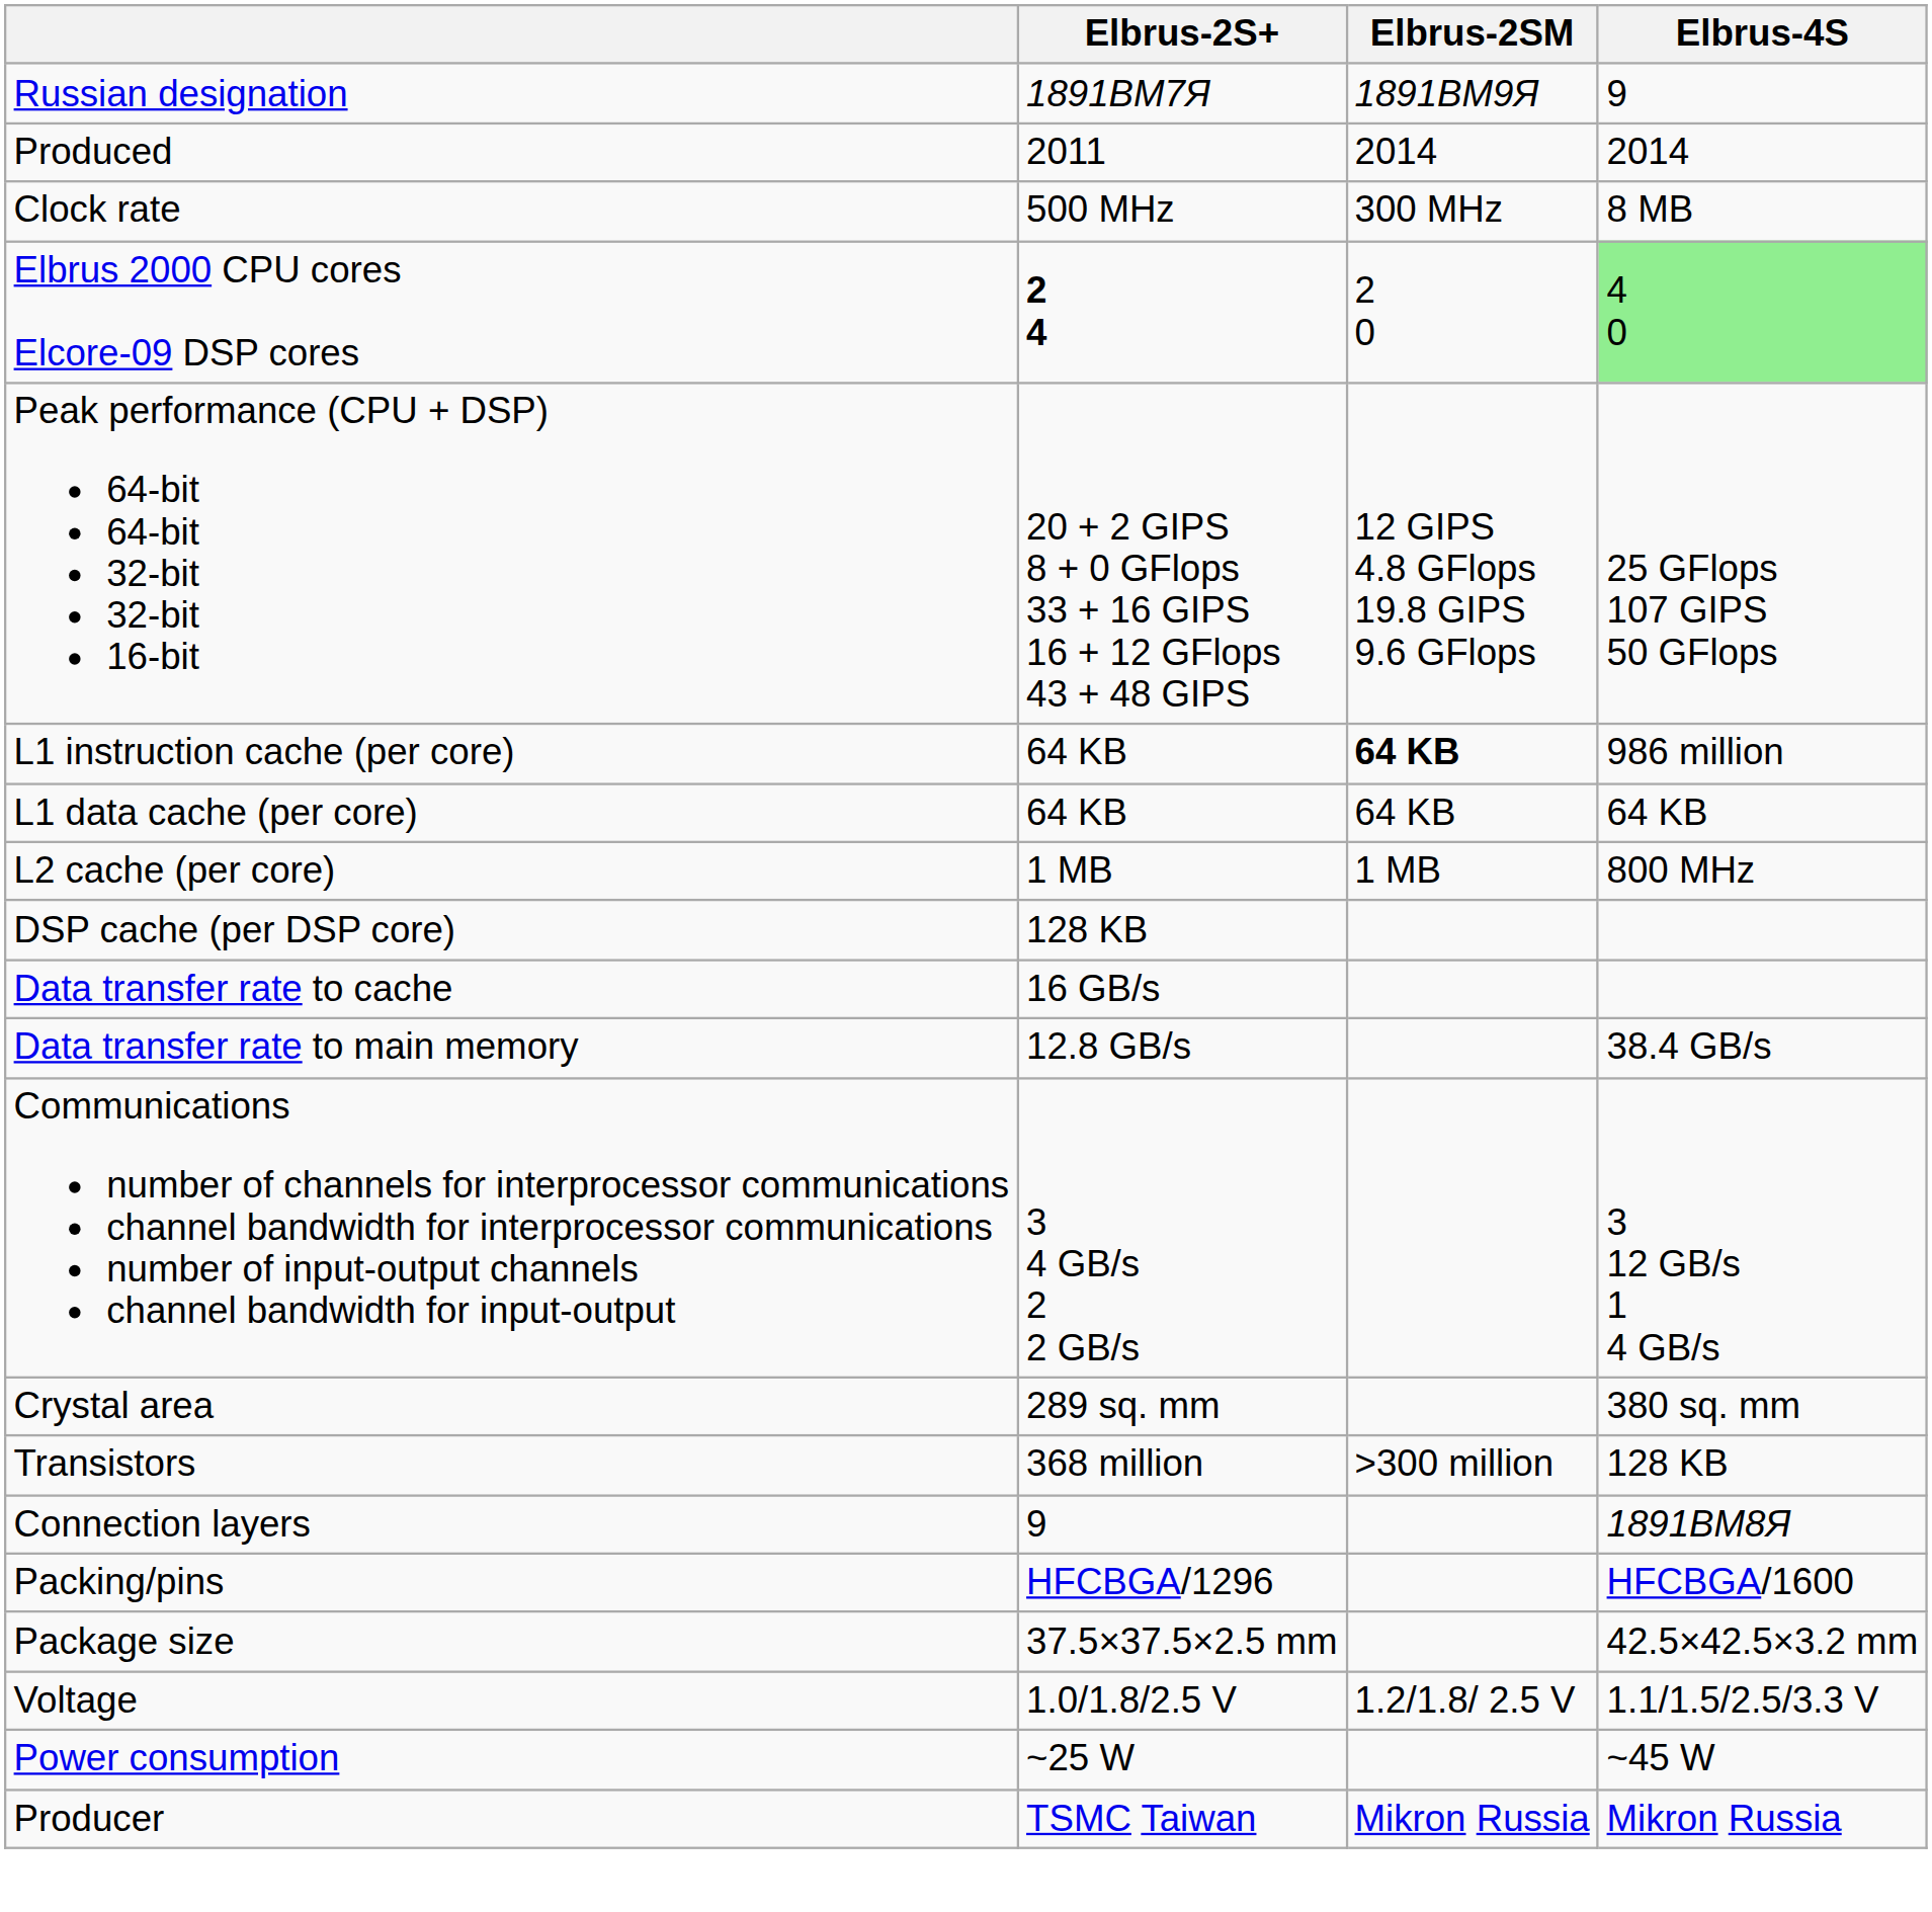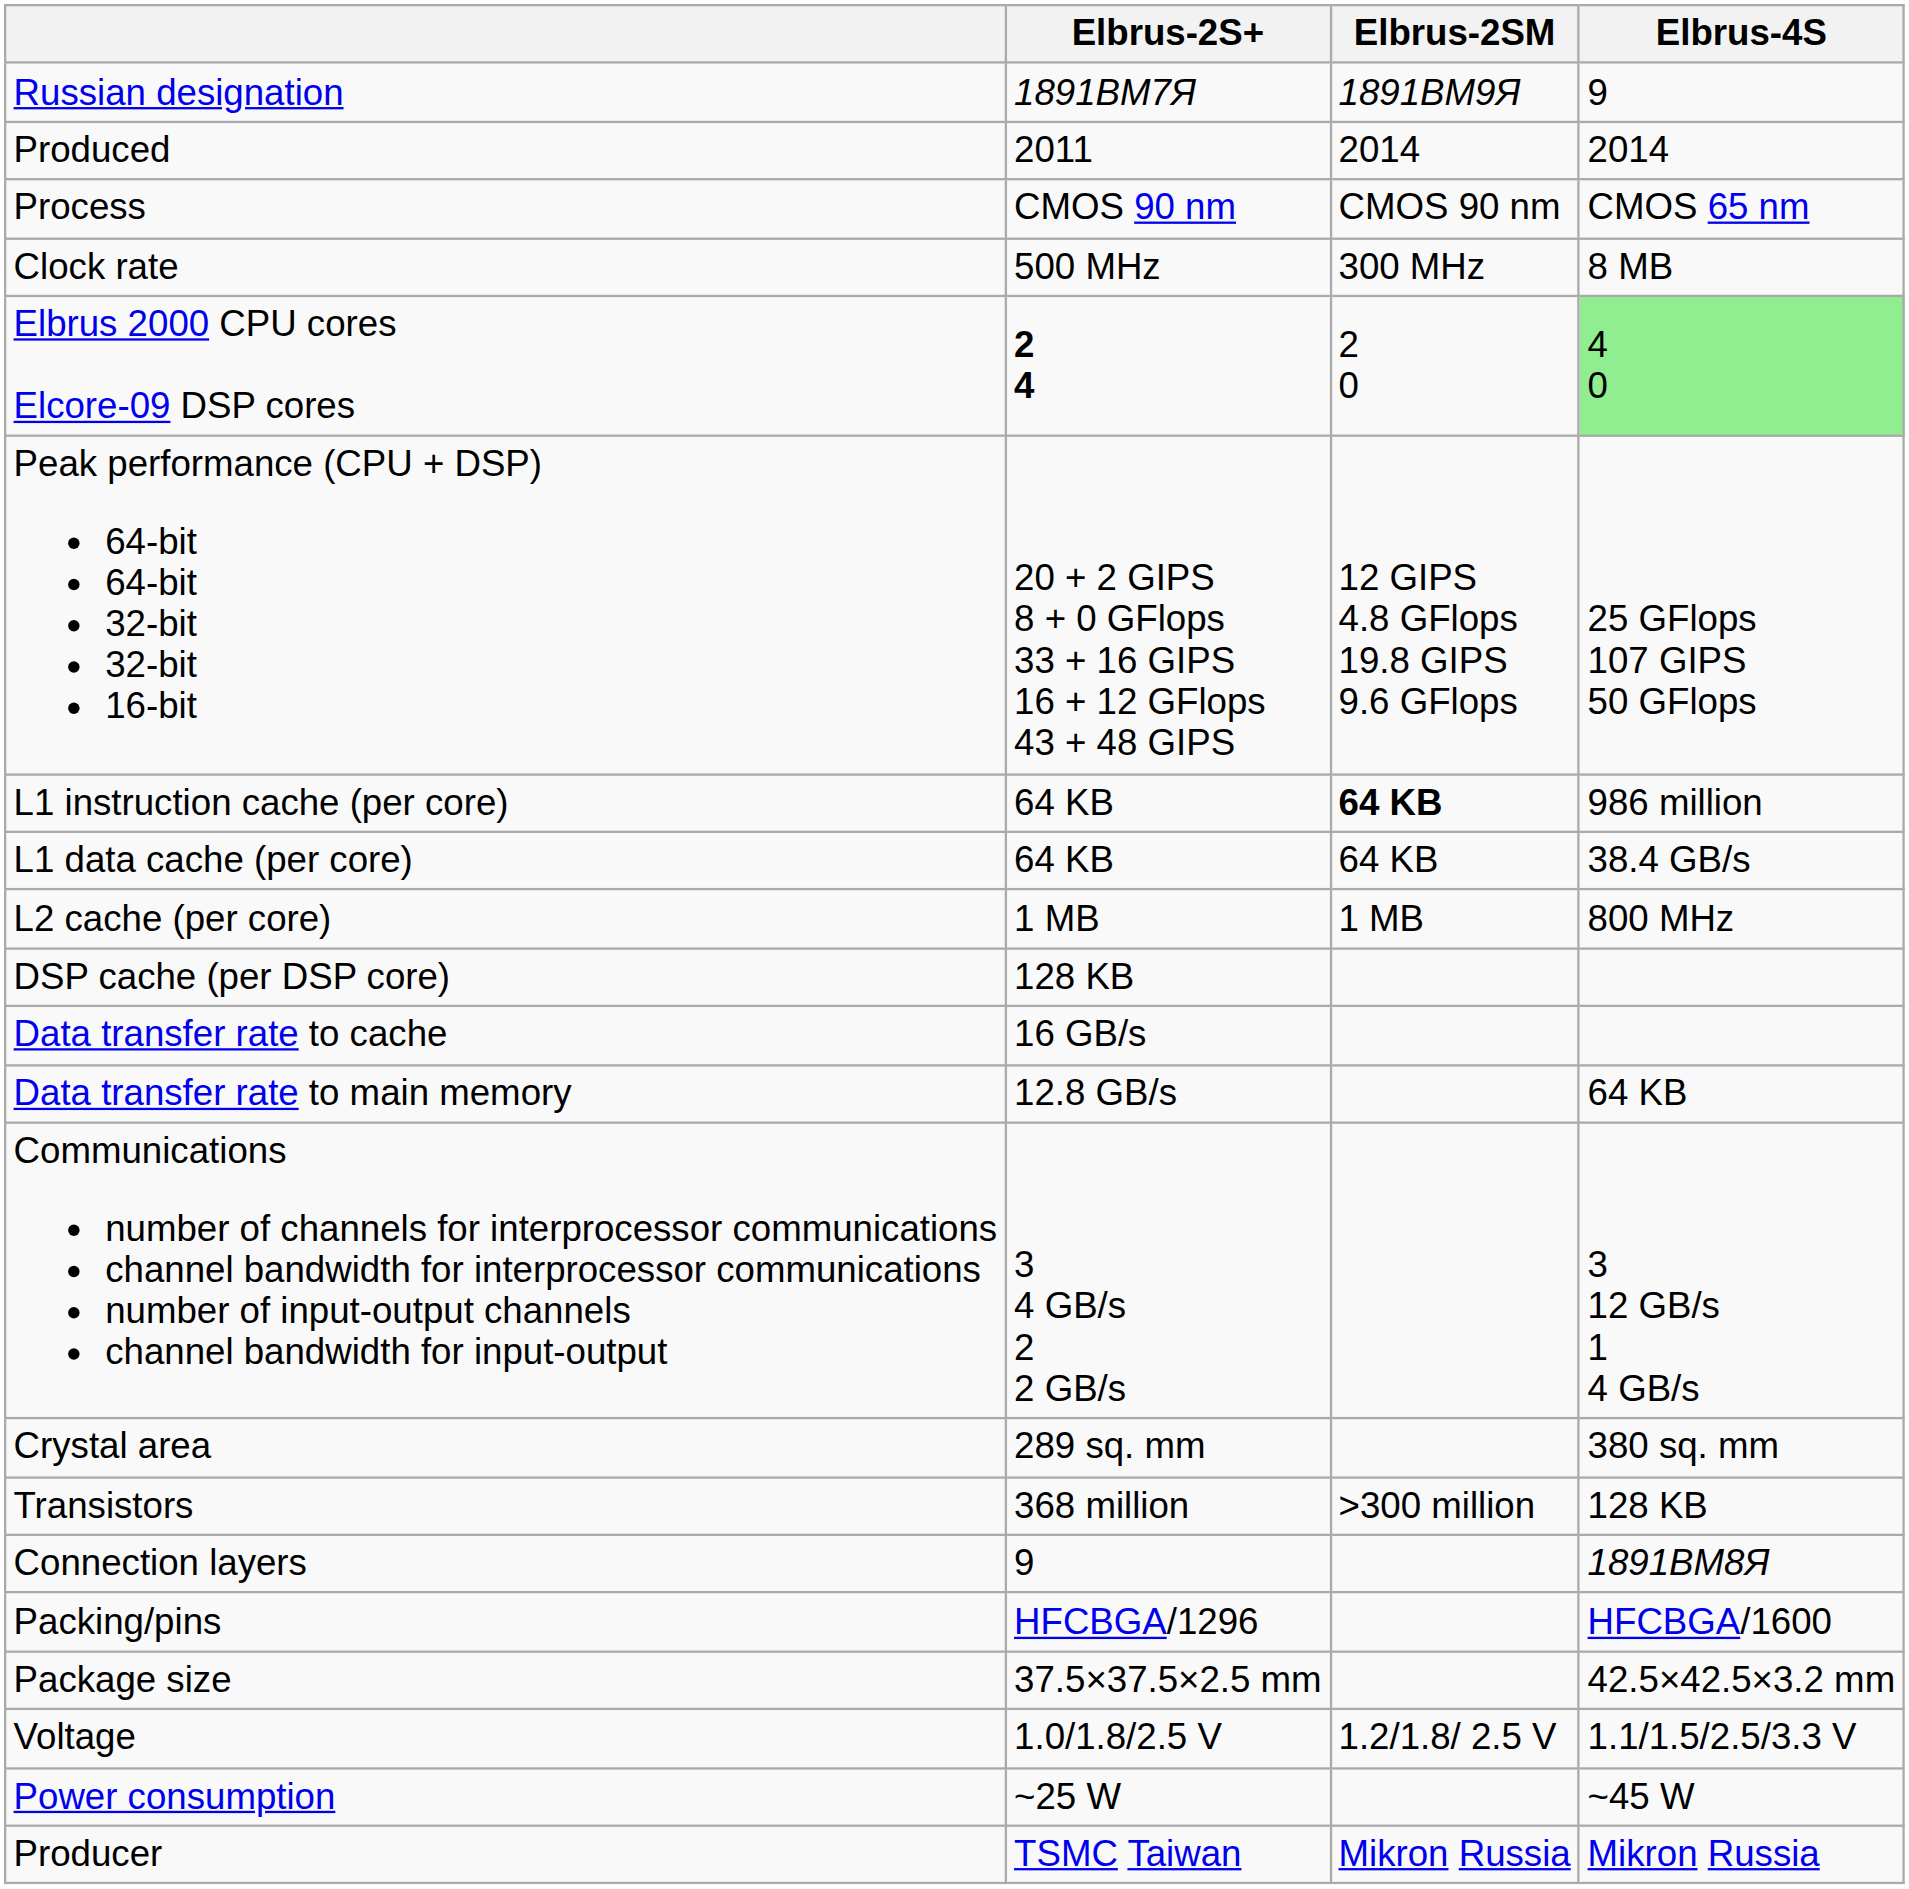 <table class="wikitable">
 <tr>
 <th></th>
 <th>Elbrus-2S+</th>
 <th>Elbrus-2SМ</th>
 <th>Elbrus-4S</th>
 </tr>
 <tr>
 <td><a href='#'>Russian designation</a></td>
 <td><em>1891ВМ7Я</em></td>
 <td><em>1891ВМ9Я</em></td>
 <td>9</td>
 </tr>
 <tr>
 <td>Produced</td>
 <td>2011</td>
 <td>2014</td>
 <td>2014</td>
+</tr>
+<tr>
+<td>Process</td>
+<td>CMOS <a href='#'>90 nm</a></td>
+<td>CMOS 90 nm</td>
+<td>CMOS <a href='#'>65 nm</a></td>
 </tr>
 <tr>
 <td>Clock rate</td>
 <td>500 MHz</td>
 <td>300 MHz</td>
 <td>8 MB</td>
 </tr>
 <tr>
 <td><a href='#'>Elbrus 2000</a> CPU cores<br><br><a href='#'>Elcore-09</a> DSP cores</td>
 <td><strong>2<br>4</strong></td>
 <td>2<br>0</td>
 <td style="background: lightgreen;">4<br>0</td>
 </tr>
 <tr>
 <td valign="bottom">Peak performance (CPU + DSP)<br><ul><li>64-bit</li><li>64-bit</li><li>32-bit</li><li>32-bit</li><li>16-bit</li></ul></td>
 <td valign="bottom"><br><br>20 + 2 GIPS<br> 8 + 0 GFlops<br> 33 + 16 GIPS<br> 16 + 12 GFlops<br> 43 + 48 GIPS</td>
 <td valign="bottom"><br><br>12 GIPS <br> 4.8 GFlops<br> 19.8 GIPS<br> 9.6 GFlops<br>  </td>
 <td valign="bottom"><br><br><br> 25 GFlops<br> 107 GIPS<br> 50 GFlops<br>  </td>
 </tr>
 <tr>
 <td>L1 instruction cache (per core)</td>
 <td>64 KB</td>
 <td><strong>64 KB</strong></td>
 <td>986 million</td>
 </tr>
 <tr>
 <td>L1 data cache (per core)</td>
 <td>64 KB</td>
 <td>64 KB</td>
-<td>64 KB</td>
+<td>38.4 GB/s</td>
 </tr>
 <tr>
 <td>L2 cache (per core)</td>
 <td>1 MB</td>
 <td>1 MB</td>
 <td>800 MHz</td>
 </tr>
 <tr>
 <td>DSP cache (per DSP core)</td>
 <td>128 KB</td>
 <td></td>
 <td></td>
 </tr>
 <tr>
 <td><a href='#'>Data transfer rate</a> to cache</td>
 <td>16 GB/s</td>
 <td></td>
 <td></td>
 </tr>
 <tr>
 <td><a href='#'>Data transfer rate</a> to main memory</td>
 <td>12.8 GB/s</td>
 <td></td>
-<td>38.4 GB/s</td>
+<td>64 KB</td>
 </tr>
 <tr>
 <td valign="bottom">Communications<br><ul><li>number of channels for interprocessor communications</li><li>channel bandwidth for interprocessor communications</li><li>number of input-output channels</li><li>channel bandwidth for input-output</li></ul></td>
 <td valign="bottom"><br><br>3<br> 4 GB/s<br> 2<br> 2 GB/s</td>
 <td></td>
 <td valign="bottom"><br><br>3<br> 12 GB/s<br> 1<br> 4 GB/s</td>
 </tr>
 <tr>
 <td>Crystal area</td>
 <td>289 sq. mm</td>
 <td></td>
 <td>380 sq. mm</td>
 </tr>
 <tr>
 <td>Transistors</td>
 <td>368 million</td>
 <td>>300 million</td>
 <td>128 KB</td>
 </tr>
 <tr>
 <td>Connection layers</td>
 <td>9</td>
 <td></td>
 <td><em>1891ВМ8Я</em></td>
 </tr>
 <tr>
 <td>Packing/pins</td>
 <td><a href='#'>HFCBGA</a>/1296</td>
 <td></td>
 <td><a href='#'>HFCBGA</a>/1600</td>
 </tr>
 <tr>
 <td>Package size</td>
 <td>37.5×37.5×2.5 mm</td>
 <td></td>
 <td>42.5×42.5×3.2 mm</td>
 </tr>
 <tr>
 <td>Voltage</td>
 <td>1.0/1.8/2.5 V</td>
 <td>1.2/1.8/ 2.5 V</td>
 <td>1.1/1.5/2.5/3.3 V</td>
 </tr>
 <tr>
 <td><a href='#'>Power consumption</a></td>
 <td>~25 W</td>
 <td></td>
 <td>~45 W</td>
 </tr>
 <tr>
 <td>Producer</td>
 <td><a href='#'>TSMC</a> <a href='#'>Taiwan</a></td>
 <td><a href='#'>Mikron</a> <a href='#'>Russia</a></td>
 <td><a href='#'>Mikron</a> <a href='#'>Russia</a></td>
 </tr>
 </table>
